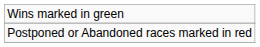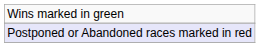 <table class="wikitable">
 <tr>
 <td>Wins marked in green</td>
 </tr>
 <tr>
 </tr>
 <tr>
-<td>Postponed or Abandoned races marked in red</td>
+<td style="background: lavender;">Postponed or Abandoned races marked in red</td>
 </tr>
 <tr>
 </tr>
 </table>
